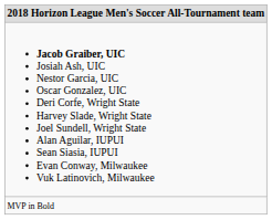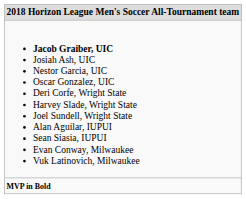 <table class="wikitable" style="white-space:nowrap; font-size:90%;">
 <tr>
 <td colspan="7" style="text-align:center; background:#ddd;"><strong>2018 Horizon League Men's Soccer All-Tournament team</strong></td>
 </tr>
 <tr>
 <td><br><ul><li><strong>Jacob Graiber, UIC</strong></li><li>Josiah Ash, UIC</li><li>Nestor Garcia, UIC</li><li>Oscar Gonzalez, UIC</li><li>Deri Corfe, Wright State</li><li>Harvey Slade, Wright State</li><li>Joel Sundell, Wright State</li><li>Alan Aguilar, IUPUI</li><li>Sean Siasia, IUPUI</li><li>Evan Conway, Milwaukee</li><li>Vuk Latinovich, Milwaukee</li></ul></td>
 </tr>
 <tr>
-<td><small>MVP in Bold</small></td>
+<td><strong><small>MVP in Bold</small></strong></td>
 </tr>
 </table>
